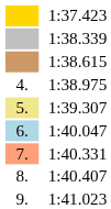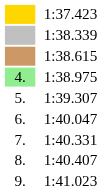 <table style="text-align:center">
 <tr>
 <td width=30 bgcolor=gold></td>
 <td align=left></td>
 <td width=60>1:37.423</td>
 </tr>
 <tr>
 <td bgcolor=silver></td>
 <td align=left></td>
 <td>1:38.339</td>
 </tr>
 <tr>
 <td bgcolor=cc9966></td>
 <td align=left></td>
 <td>1:38.615</td>
 </tr>
 <tr>
-<td>4.</td>
+<td style="background: lightgreen;">4.</td>
 <td align=left></td>
 <td>1:38.975</td>
 </tr>
 <tr>
-<td style="background: khaki;">5.</td>
+<td>5.</td>
 <td align=left></td>
 <td>1:39.307</td>
 </tr>
 <tr>
-<td style="background: lightblue;">6.</td>
+<td>6.</td>
 <td align=left></td>
 <td>1:40.047</td>
 </tr>
 <tr>
-<td style="background: lightsalmon;">7.</td>
+<td>7.</td>
 <td align=left></td>
 <td>1:40.331</td>
 </tr>
 <tr>
 <td>8.</td>
 <td align=left></td>
 <td>1:40.407</td>
 </tr>
 <tr>
 <td>9.</td>
 <td align=left></td>
 <td>1:41.023</td>
 </tr>
 </table>
